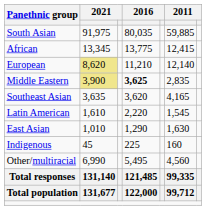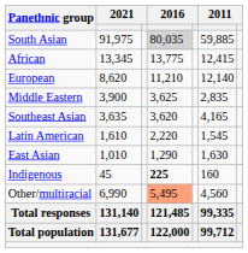 <table class="wikitable collapsible sortable">
 <tr>
 <th rowspan="2"><a href='#'>Panethnic</a> group</th>
 <th colspan="2">2021</th>
 <th colspan="2">2016</th>
 <th colspan="2">2011</th>
 </tr>
 <tr>
 <th><a href='#'></a></th>
 <th></th>
 <th></th>
 <th></th>
 <th></th>
 <th></th>
 </tr>
 <tr>
 <td><a href='#'>South Asian</a></td>
 <td>91,975</td>
 <td></td>
-<td>80,035</td>
+<td style="background: lightgrey;">80,035</td>
 <td></td>
 <td>59,885</td>
 <td></td>
 </tr>
 <tr>
 <td><a href='#'>African</a></td>
 <td>13,345</td>
 <td></td>
 <td>13,775</td>
 <td></td>
 <td>12,415</td>
 <td></td>
 </tr>
 <tr>
 <td><a href='#'>European</a></td>
-<td style="background: khaki;">8,620</td>
+<td>8,620</td>
 <td></td>
 <td>11,210</td>
 <td></td>
 <td>12,140</td>
 <td></td>
 </tr>
 <tr>
 <td><a href='#'>Middle Eastern</a></td>
-<td style="background: khaki;">3,900</td>
+<td>3,900</td>
 <td></td>
-<td><strong>3,625</strong></td>
+<td>3,625</td>
 <td></td>
 <td>2,835</td>
 <td></td>
 </tr>
 <tr>
 <td><a href='#'>Southeast Asian</a></td>
 <td>3,635</td>
 <td></td>
 <td>3,620</td>
 <td></td>
 <td>4,165</td>
 <td></td>
 </tr>
 <tr>
 <td><a href='#'>Latin American</a></td>
 <td>1,610</td>
 <td></td>
 <td>2,220</td>
 <td></td>
 <td>1,545</td>
 <td></td>
 </tr>
 <tr>
 <td><a href='#'>East Asian</a></td>
 <td>1,010</td>
 <td></td>
 <td>1,290</td>
 <td></td>
 <td>1,630</td>
 <td></td>
 </tr>
 <tr>
 <td><a href='#'>Indigenous</a></td>
 <td>45</td>
 <td></td>
-<td>225</td>
+<td><strong>225</strong></td>
 <td></td>
 <td>160</td>
 <td></td>
 </tr>
 <tr>
 <td>Other/<a href='#'>multiracial</a></td>
 <td>6,990</td>
 <td></td>
-<td>5,495</td>
+<td style="background: lightsalmon;">5,495</td>
 <td></td>
 <td>4,560</td>
 <td></td>
 </tr>
 <tr>
 <th>Total responses</th>
 <th>131,140</th>
 <th></th>
 <th>121,485</th>
 <th></th>
 <th>99,335</th>
 <th></th>
 </tr>
 <tr class="sortbottom">
 <th>Total population</th>
 <th>131,677</th>
 <th></th>
 <th>122,000</th>
 <th></th>
 <th>99,712</th>
 <th></th>
 </tr>
 <tr class="sortbottom">
 <td colspan="15"></td>
 </tr>
 </table>
